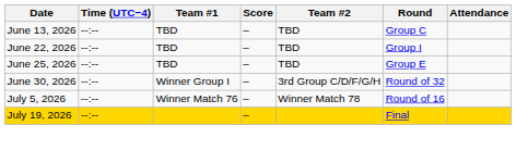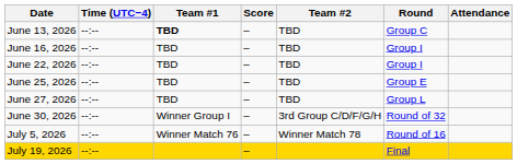 <table class="wikitable sortable">
 <tr>
 <th style="text-align:center;">Date</th>
 <th style="text-align:center;">Time (<a href='#'>UTC−4</a>)</th>
 <th style="text-align:center;">Team #1</th>
 <th style="text-align:center;">Score</th>
 <th style="text-align:center;">Team #2</th>
 <th style="text-align:center;">Round</th>
 <th>Attendance</th>
 </tr>
 <tr>
 <td>June 13, 2026</td>
 <td>--:--</td>
+<td><strong>TBD</strong></td>
+<td>–</td>
+<td>TBD</td>
+<td><a href='#'>Group C</a></td>
+<td></td>
+</tr>
+<tr>
+<td>June 16, 2026</td>
+<td>--:--</td>
 <td>TBD</td>
 <td>–</td>
 <td>TBD</td>
-<td><a href='#'>Group C</a></td>
+<td><a href='#'>Group I</a></td>
 <td></td>
 </tr>
 <tr>
 <td>June 22, 2026</td>
 <td>--:--</td>
 <td>TBD</td>
 <td>–</td>
 <td>TBD</td>
 <td><a href='#'>Group I</a></td>
 <td></td>
 </tr>
 <tr>
 <td>June 25, 2026</td>
 <td>--:--</td>
 <td>TBD</td>
 <td>–</td>
 <td>TBD</td>
 <td><a href='#'>Group E</a></td>
+<td></td>
+</tr>
+<tr>
+<td>June 27, 2026</td>
+<td>--:--</td>
+<td>TBD</td>
+<td>–</td>
+<td>TBD</td>
+<td><a href='#'>Group L</a></td>
 <td></td>
 </tr>
 <tr>
 <td>June 30, 2026</td>
 <td>--:--</td>
 <td>Winner Group I</td>
 <td>–</td>
 <td>3rd Group C/D/F/G/H</td>
 <td><a href='#'>Round of 32</a></td>
 <td></td>
 </tr>
 <tr>
 <td>July 5, 2026</td>
 <td>--:--</td>
 <td>Winner Match 76</td>
 <td>–</td>
 <td>Winner Match 78</td>
 <td><a href='#'>Round of 16</a></td>
 <td></td>
 </tr>
 <tr bgcolor=gold>
 <td>July 19, 2026</td>
 <td>--:--</td>
 <td></td>
 <td>–</td>
 <td></td>
 <td><a href='#'>Final</a></td>
 <td></td>
 </tr>
 </table>
